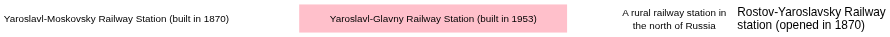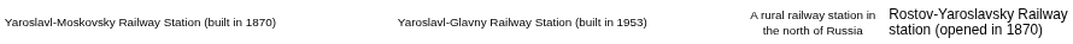 <table class="graytable">
 <tr>
 <td width="29%"></td>
 <td width="5%"></td>
 <td width="29%"></td>
 <td width="5%"></td>
 <td></td>
 <td></td>
 <td></td>
 </tr>
 <tr>
 <td align="center"><small>Yaroslavl-Moskovsky Railway Station (built in 1870)</small></td>
 <td></td>
-<td align="center" style="background: pink;"><small>Yaroslavl-Glavny Railway Station (built in 1953)</small></td>
+<td align="center"><small>Yaroslavl-Glavny Railway Station (built in 1953)</small></td>
 <td></td>
 <td align="center"><small>A rural railway station in the north of Russia</small></td>
 <td></td>
 <td>Rostov-Yaroslavsky Railway station (opened in 1870)</td>
 </tr>
 </table>
